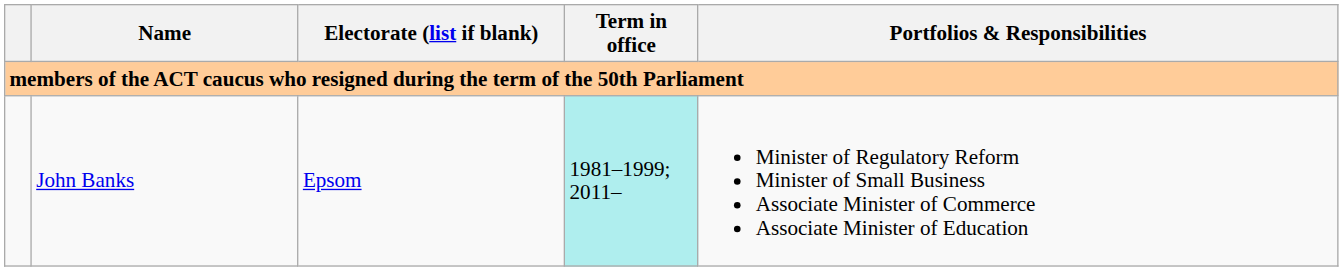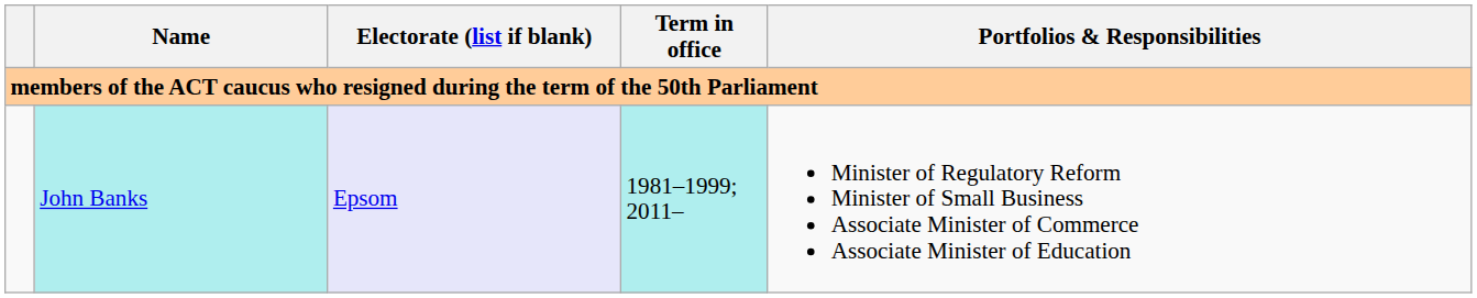 <table class="wikitable" style="width:80%;">
 <tr>
 <th style="width:2%;"></th>
 <th style="width:20%;">Name</th>
 <th style="width:20%;">Electorate (<a href='#'>list</a> if blank)</th>
 <th style="width:10%;">Term in office</th>
 <th style="width:48%;">Portfolios & Responsibilities</th>
 </tr>
 <tr>
 <td bgcolor=#ffcc99 colspan=5><strong>members of the ACT caucus who resigned during the term of the 50th Parliament</strong></td>
 </tr>
 <tr>
 <td></td>
-<td><a href='#'>John Banks</a></td>
-<td><a href='#'>Epsom</a></td>
+<td style="background: paleturquoise;"><a href='#'>John Banks</a></td>
+<td style="background: lavender;"><a href='#'>Epsom</a></td>
 <td style="background: paleturquoise;">1981–1999; 2011–</td>
 <td><br><ul><li>Minister of Regulatory Reform</li><li>Minister of Small Business</li><li>Associate Minister of Commerce</li><li>Associate Minister of Education</li></ul></td>
 </tr>
 </table>
